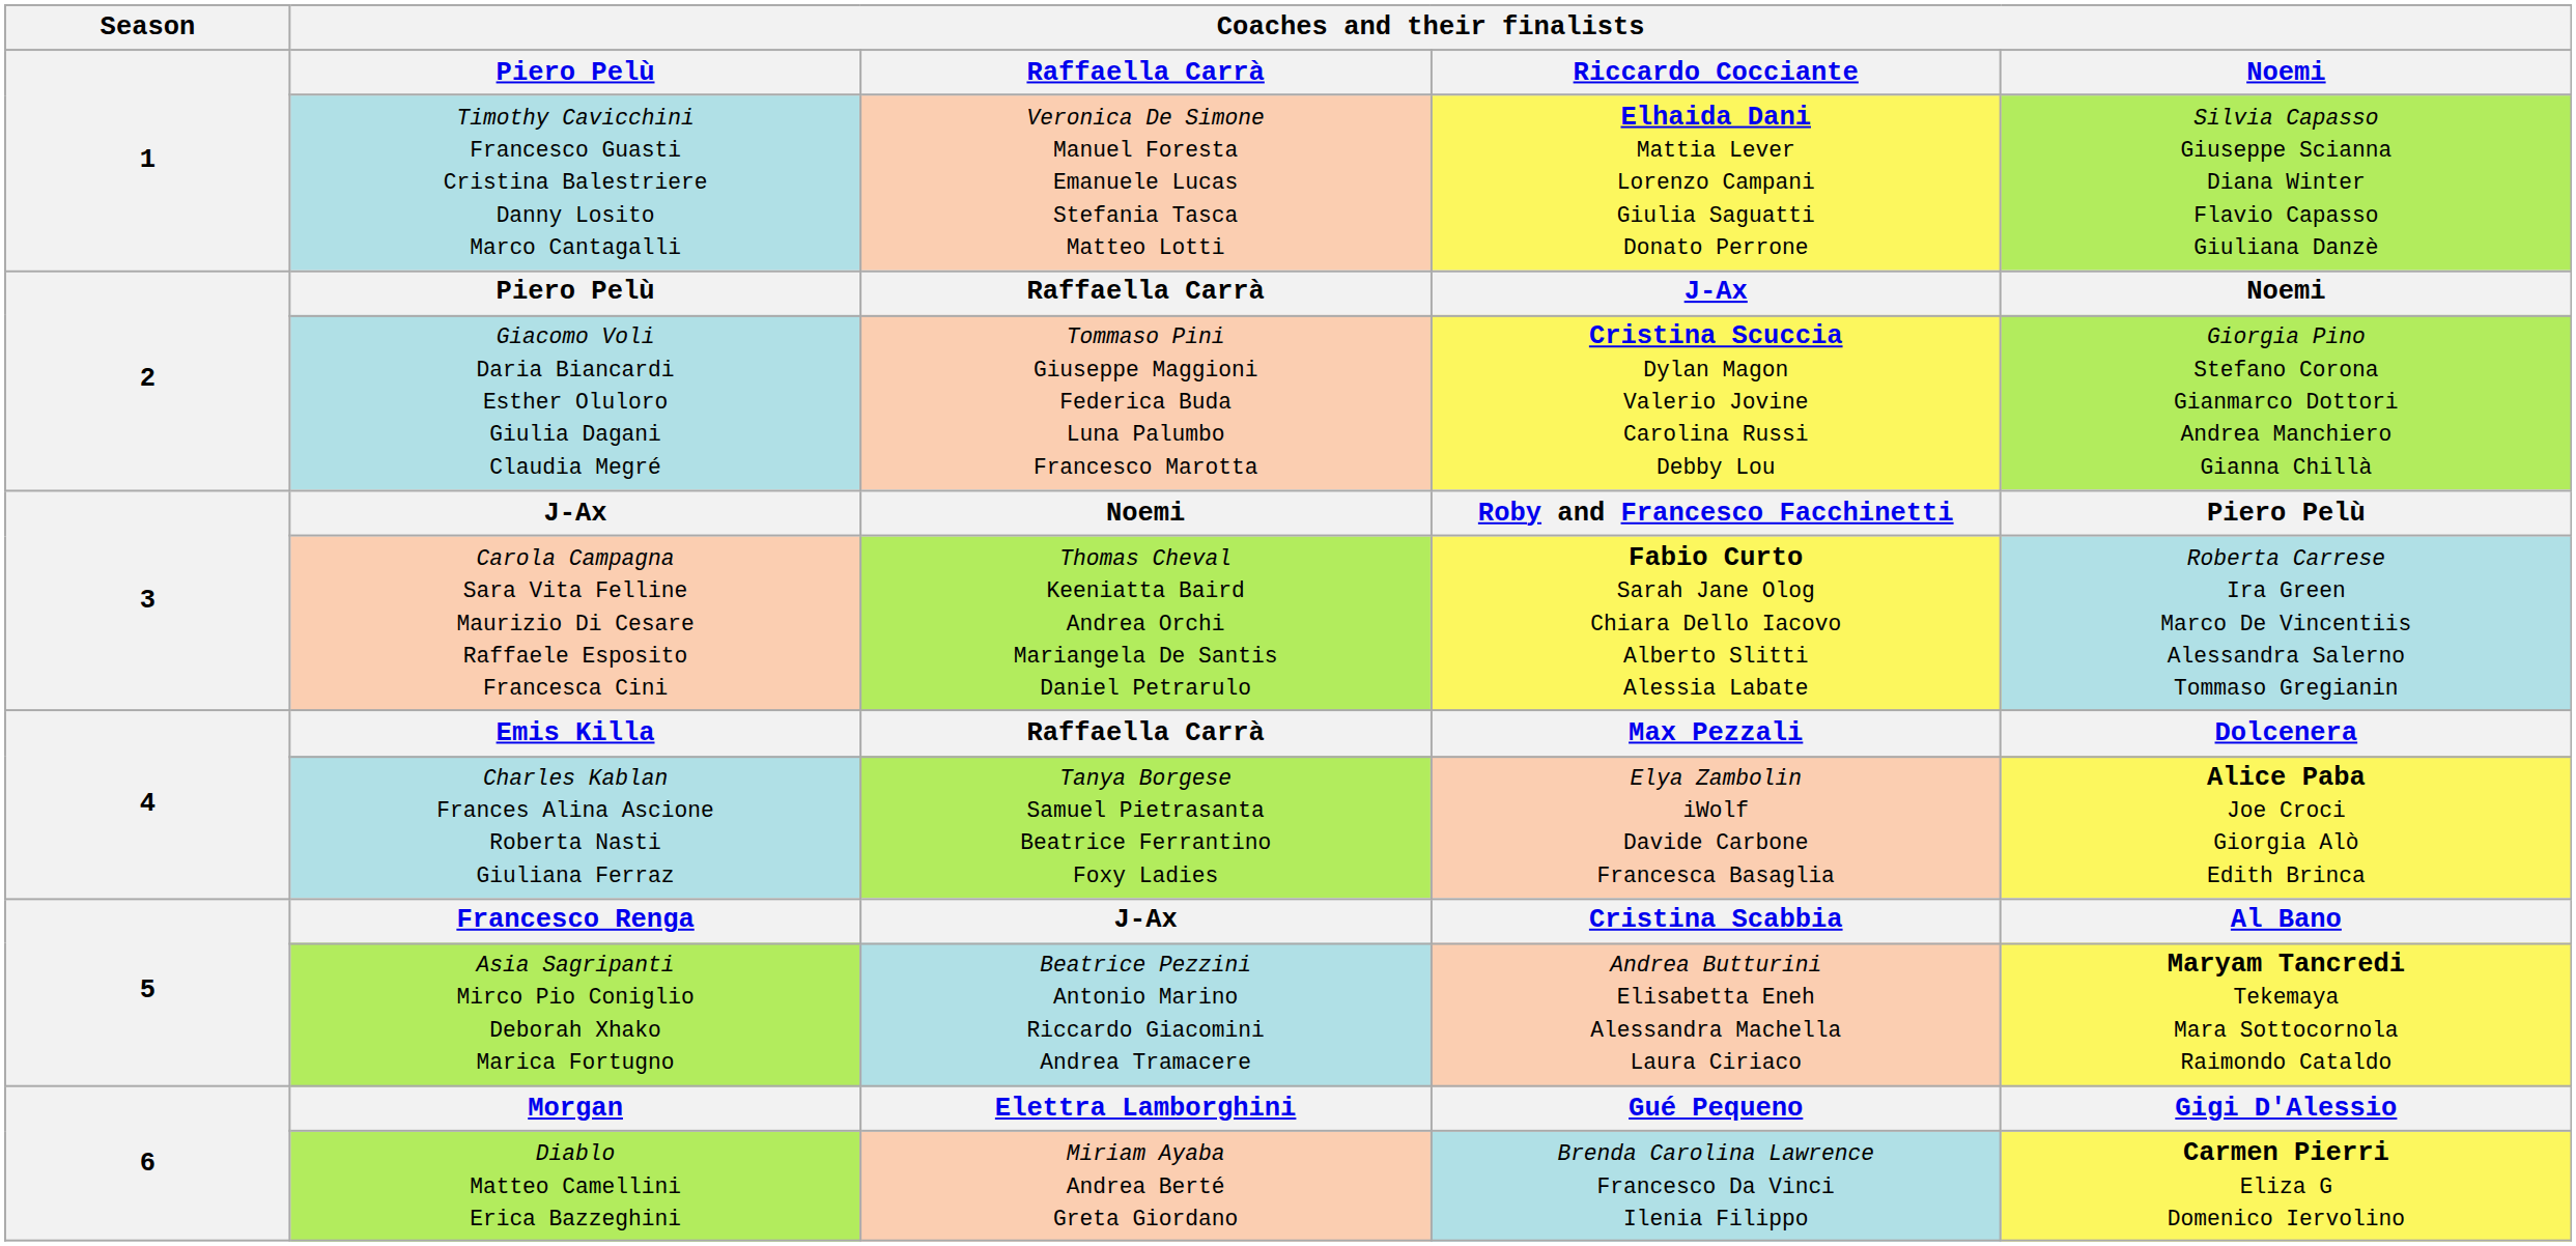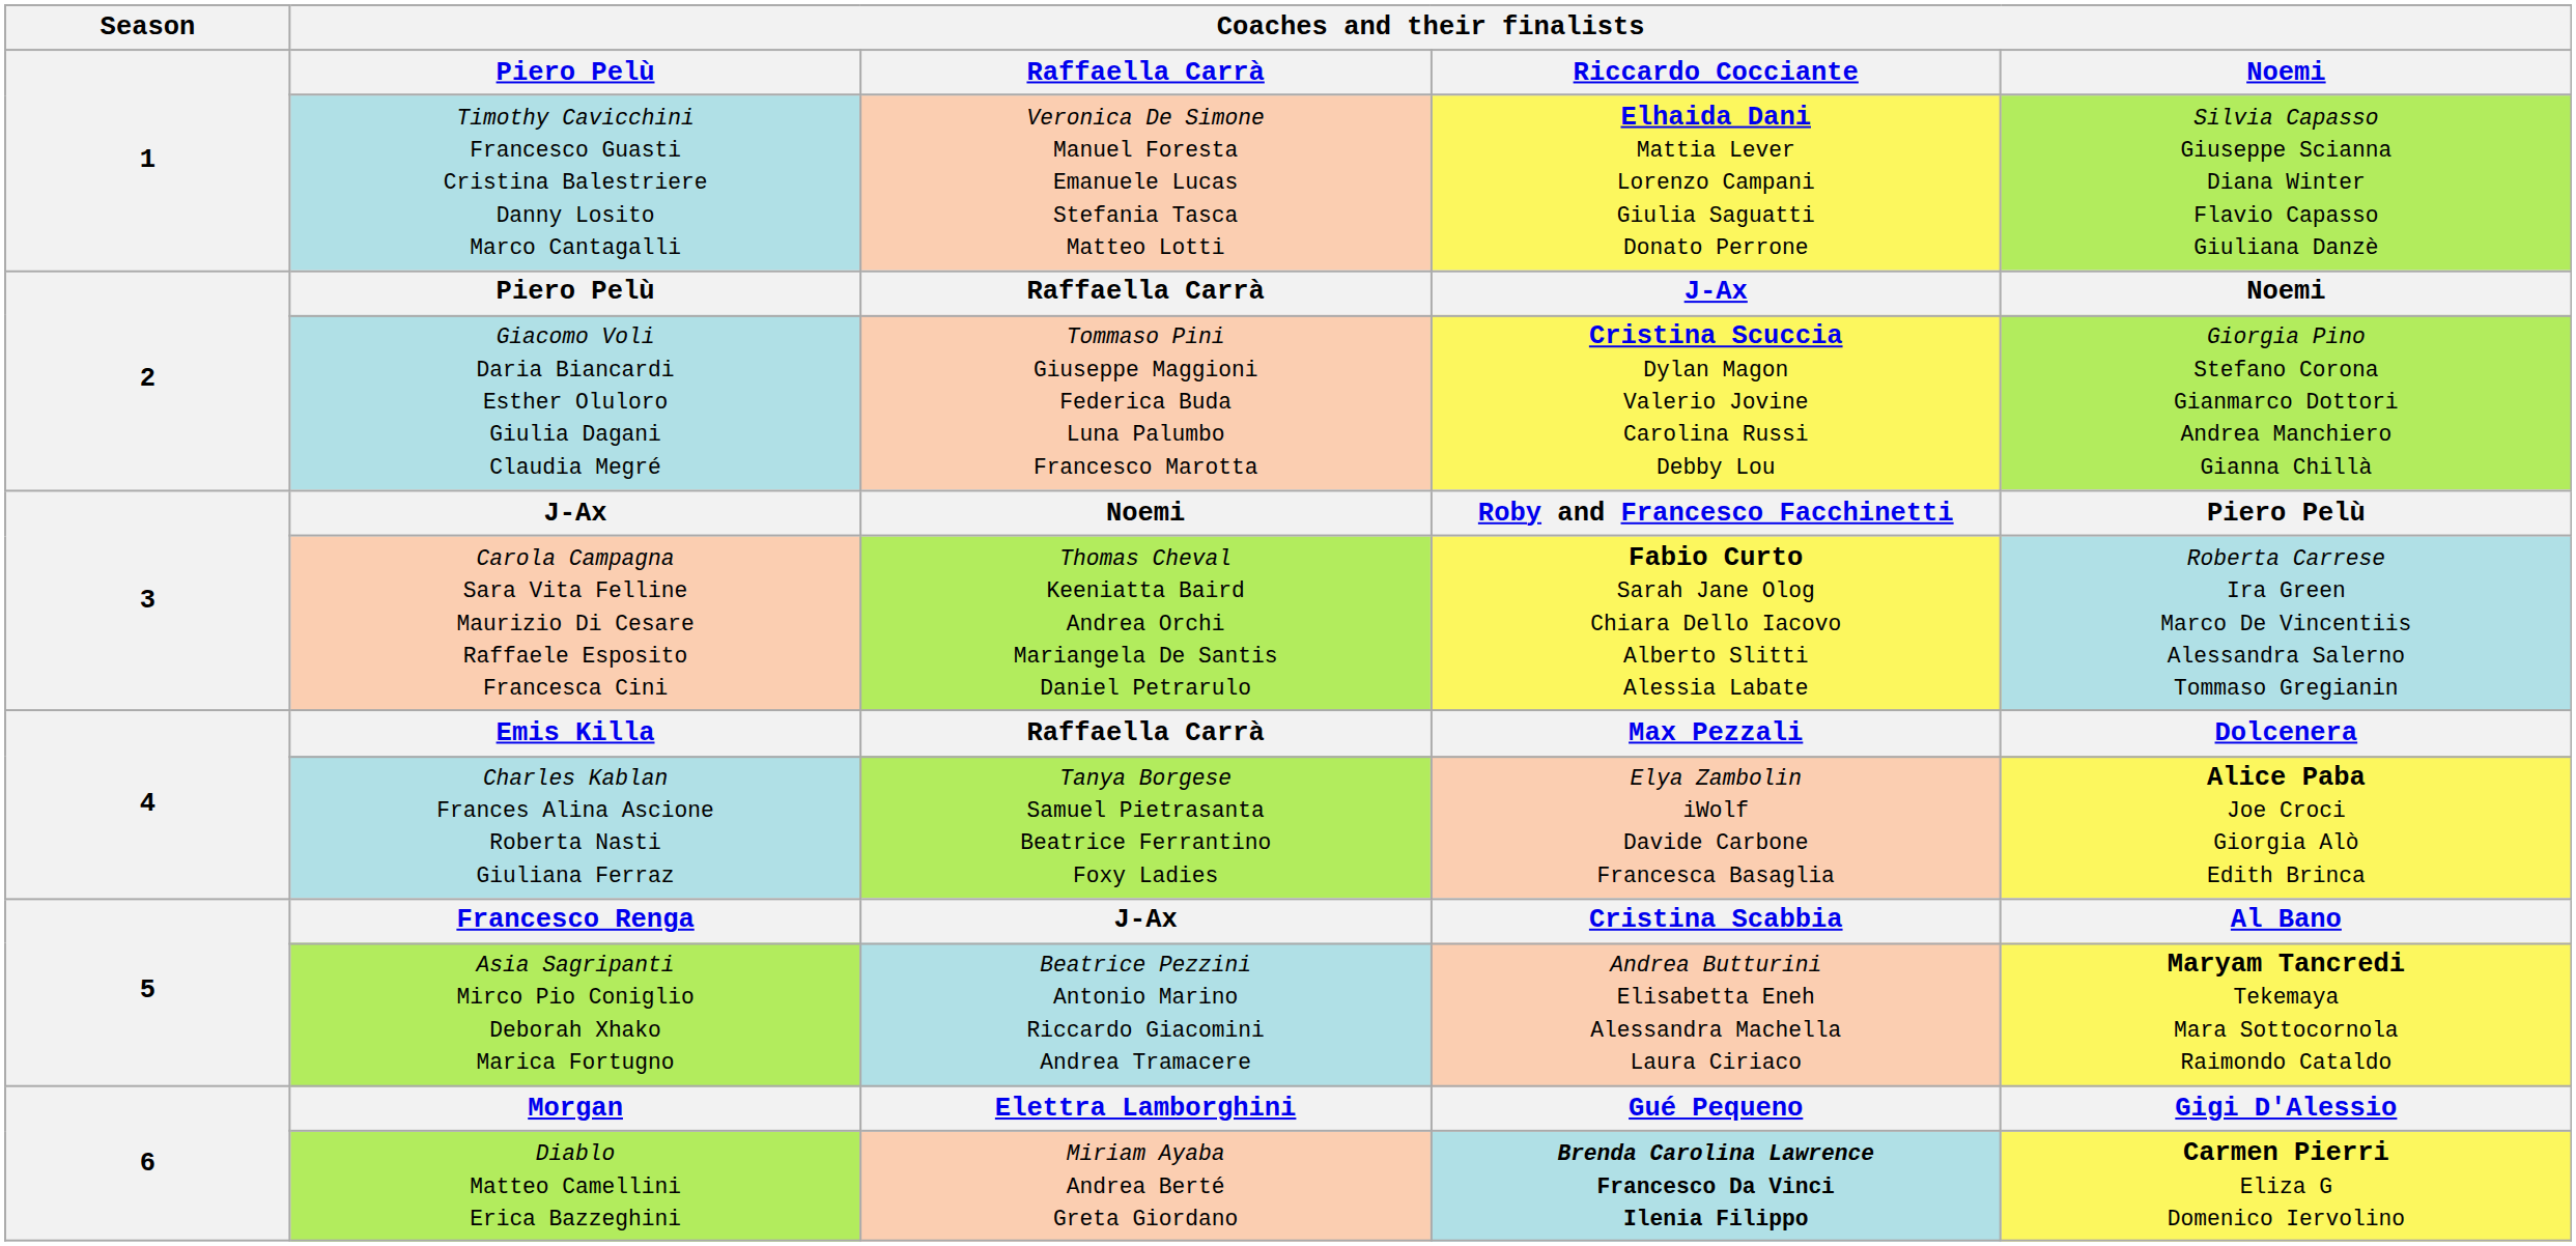 <table class="wikitable" style="text-align:center; line-height:16px; width:100%">
 <tr>
 <th style="width:10%">Season</th>
 <th style="width:80%" colspan="4">Coaches and their finalists</th>
 </tr>
 <tr>
 <th rowspan="2">1</th>
 <th style="width:20%" scope="col"><a href='#'>Piero Pelù</a></th>
 <th style="width:20%" scope="col"><a href='#'>Raffaella Carrà</a></th>
 <th style="width:20%" scope="col"><a href='#'>Riccardo Cocciante</a></th>
 <th style="width:20%" scope="col"><a href='#'>Noemi</a></th>
 </tr>
 <tr>
 <td style="background:#B0E0E6"><small><em>Timothy Cavicchini</em><br>Francesco Guasti<br>Cristina Balestriere<br>Danny Losito<br>Marco Cantagalli</small></td>
 <td style="background:#FBCEB1"><small><em>Veronica De Simone</em><br>Manuel Foresta<br>Emanuele Lucas<br>Stefania Tasca<br>Matteo Lotti</small></td>
 <td style="background:#FCF75E"><strong><a href='#'>Elhaida Dani</a></strong><br><small>Mattia Lever<br>Lorenzo Campani<br>Giulia Saguatti<br>Donato Perrone</small></td>
 <td style="background:#B2EC5D"><small><em>Silvia Capasso</em><br>Giuseppe Scianna<br>Diana Winter<br>Flavio Capasso<br>Giuliana Danzè</small></td>
 </tr>
 <tr>
 <th rowspan="2">2</th>
 <th scope="col">Piero Pelù</th>
 <th scope="col">Raffaella Carrà</th>
 <th scope="col"><a href='#'>J-Ax</a></th>
 <th scope="col">Noemi</th>
 </tr>
 <tr>
 <td style="background:#B0E0E6"><small><em>Giacomo Voli</em><br>Daria Biancardi<br>Esther Oluloro<br>Giulia Dagani<br>Claudia Megré</small></td>
 <td style="background:#FBCEB1"><small><em>Tommaso Pini</em><br>Giuseppe Maggioni<br>Federica Buda<br>Luna Palumbo<br>Francesco Marotta</small></td>
 <td style="background:#FCF75E"><strong><a href='#'>Cristina Scuccia</a></strong><br><small>Dylan Magon<br>Valerio Jovine<br>Carolina Russi<br>Debby Lou</small></td>
 <td style="background:#B2EC5D"><small><em>Giorgia Pino</em><br>Stefano Corona<br>Gianmarco Dottori<br>Andrea Manchiero<br>Gianna Chillà</small></td>
 </tr>
 <tr>
 <th rowspan="2">3</th>
 <th scope="col">J-Ax</th>
 <th scope="col">Noemi</th>
 <th scope="col"><a href='#'>Roby</a> and <a href='#'>Francesco Facchinetti</a></th>
 <th scope="col">Piero Pelù</th>
 </tr>
 <tr>
 <td style="background:#FBCEB1"><small><em>Carola Campagna</em><br>Sara Vita Felline<br>Maurizio Di Cesare<br>Raffaele Esposito<br>Francesca Cini</small></td>
 <td style="background:#B2EC5D"><small><em>Thomas Cheval</em><br>Keeniatta Baird<br>Andrea Orchi<br>Mariangela De Santis<br>Daniel Petrarulo</small></td>
 <td style="background:#FCF75E"><strong>Fabio Curto</strong><br><small>Sarah Jane Olog<br>Chiara Dello Iacovo<br>Alberto Slitti<br>Alessia Labate</small></td>
 <td style="background:#B0E0E6"><small><em>Roberta Carrese</em><br>Ira Green<br>Marco De Vincentiis<br>Alessandra Salerno<br>Tommaso Gregianin</small></td>
 </tr>
 <tr>
 <th rowspan="2">4</th>
 <th scope="col"><a href='#'>Emis Killa</a></th>
 <th scope="col">Raffaella Carrà</th>
 <th scope="col"><a href='#'>Max Pezzali</a></th>
 <th scope="col"><a href='#'>Dolcenera</a></th>
 </tr>
 <tr>
 <td style="background:#B0E0E6"><small><em>Charles Kablan</em><br>Frances Alina Ascione<br>Roberta Nasti<br>Giuliana Ferraz</small></td>
 <td style="background:#B2EC5D"><small><em>Tanya Borgese</em><br>Samuel Pietrasanta<br>Beatrice Ferrantino<br>Foxy Ladies</small></td>
 <td style="background:#FBCEB1"><small><em>Elya Zambolin</em><br>iWolf<br>Davide Carbone<br>Francesca Basaglia</small></td>
 <td style="background:#FCF75E"><strong>Alice Paba</strong><br><small>Joe Croci<br>Giorgia Alò<br>Edith Brinca</small></td>
 </tr>
 <tr>
 <th rowspan="2">5</th>
 <th scope="col"><a href='#'>Francesco Renga</a></th>
 <th scope="col">J-Ax</th>
 <th scope="col"><a href='#'>Cristina Scabbia</a></th>
 <th scope="col"><a href='#'>Al Bano</a></th>
 </tr>
 <tr>
 <td style="background:#B2EC5D"><small><em>Asia Sagripanti</em><br>Mirco Pio Coniglio<br>Deborah Xhako<br>Marica Fortugno</small></td>
 <td style="background:#B0E0E6"><small><em>Beatrice Pezzini</em><br>Antonio Marino<br>Riccardo Giacomini<br>Andrea Tramacere</small></td>
 <td style="background:#FBCEB1"><small><em>Andrea Butturini</em><br>Elisabetta Eneh<br>Alessandra Machella<br>Laura Ciriaco</small></td>
 <td style="background:#FCF75E"><strong>Maryam Tancredi</strong><br><small>Tekemaya<br>Mara Sottocornola<br>Raimondo Cataldo</small></td>
 </tr>
 <tr>
 <th rowspan="2">6</th>
 <th scope="col"><a href='#'>Morgan</a></th>
 <th scope="col"><a href='#'>Elettra Lamborghini</a></th>
 <th scope="col"><a href='#'>Gué Pequeno</a></th>
 <th scope="col"><a href='#'>Gigi D'Alessio</a></th>
 </tr>
 <tr>
 <td style="background:#B2EC5D"><small><em>Diablo</em><br>Matteo Camellini<br>Erica Bazzeghini</small></td>
 <td style="background:#FBCEB1"><small><em>Miriam Ayaba</em><br>Andrea Berté<br>Greta Giordano</small></td>
-<td style="background:#B0E0E6"><small><em>Brenda Carolina Lawrence</em><br>Francesco Da Vinci<br>Ilenia Filippo</small></td>
+<td style="background:#B0E0E6"><strong><small><em>Brenda Carolina Lawrence</em><br>Francesco Da Vinci<br>Ilenia Filippo</small></strong></td>
 <td style="background:#FCF75E"><strong>Carmen Pierri</strong><br><small>Eliza G<br>Domenico Iervolino</small></td>
 </tr>
 </table>
